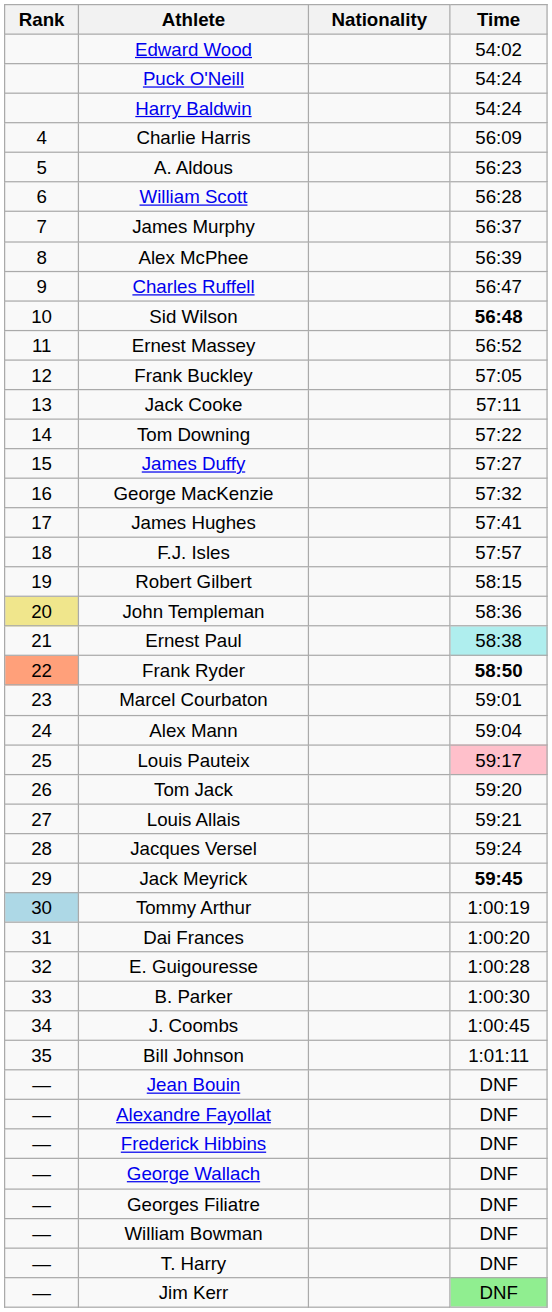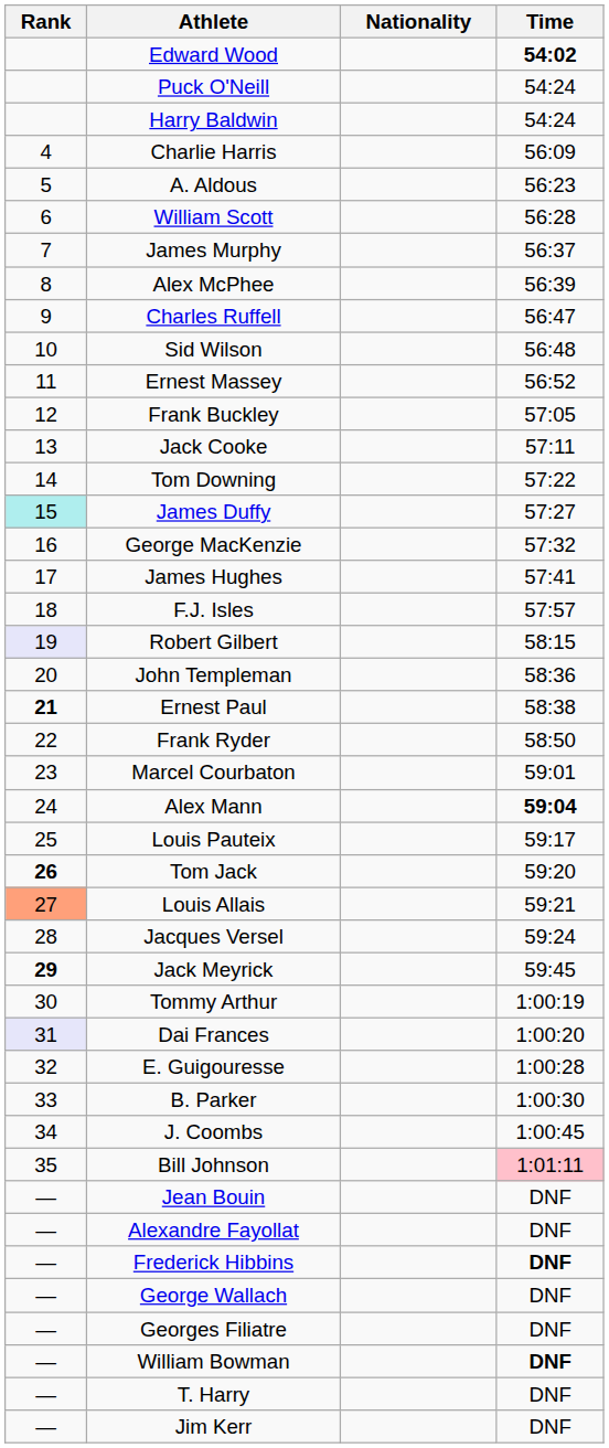 <table class="wikitable sortable" style=" text-align:center; font-size:95%;" width="50%">
 <tr>
 <th>Rank</th>
 <th>Athlete</th>
 <th>Nationality</th>
 <th>Time</th>
 </tr>
 <tr>
 <td align=center></td>
 <td><a href='#'>Edward Wood</a></td>
 <td></td>
-<td>54:02</td>
+<td><strong>54:02</strong></td>
 </tr>
 <tr>
 <td align=center></td>
 <td><a href='#'>Puck O'Neill</a></td>
 <td></td>
 <td>54:24</td>
 </tr>
 <tr>
 <td align=center></td>
 <td><a href='#'>Harry Baldwin</a></td>
 <td></td>
 <td>54:24</td>
 </tr>
 <tr>
 <td align=center>4</td>
 <td>Charlie Harris</td>
 <td></td>
 <td>56:09</td>
 </tr>
 <tr>
 <td align=center>5</td>
 <td>A. Aldous</td>
 <td></td>
 <td>56:23</td>
 </tr>
 <tr>
 <td align=center>6</td>
 <td><a href='#'>William Scott</a></td>
 <td></td>
 <td>56:28</td>
 </tr>
 <tr>
 <td align=center>7</td>
 <td>James Murphy</td>
 <td></td>
 <td>56:37</td>
 </tr>
 <tr>
 <td align=center>8</td>
 <td>Alex McPhee</td>
 <td></td>
 <td>56:39</td>
 </tr>
 <tr>
 <td align=center>9</td>
 <td><a href='#'>Charles Ruffell</a></td>
 <td></td>
 <td>56:47</td>
 </tr>
 <tr>
 <td align=center>10</td>
 <td>Sid Wilson</td>
 <td></td>
-<td><strong>56:48</strong></td>
+<td>56:48</td>
 </tr>
 <tr>
 <td align=center>11</td>
 <td>Ernest Massey</td>
 <td></td>
 <td>56:52</td>
 </tr>
 <tr>
 <td align=center>12</td>
 <td>Frank Buckley</td>
 <td></td>
 <td>57:05</td>
 </tr>
 <tr>
 <td align=center>13</td>
 <td>Jack Cooke</td>
 <td></td>
 <td>57:11</td>
 </tr>
 <tr>
 <td align=center>14</td>
 <td>Tom Downing</td>
 <td></td>
 <td>57:22</td>
 </tr>
 <tr>
-<td align=center>15</td>
+<td align=center style="background: paleturquoise;">15</td>
 <td><a href='#'>James Duffy</a></td>
 <td></td>
 <td>57:27</td>
 </tr>
 <tr>
 <td align=center>16</td>
 <td>George MacKenzie</td>
 <td></td>
 <td>57:32</td>
 </tr>
 <tr>
 <td align=center>17</td>
 <td>James Hughes</td>
 <td></td>
 <td>57:41</td>
 </tr>
 <tr>
 <td align=center>18</td>
 <td>F.J. Isles</td>
 <td></td>
 <td>57:57</td>
 </tr>
 <tr>
-<td align=center>19</td>
+<td align=center style="background: lavender;">19</td>
 <td>Robert Gilbert</td>
 <td></td>
 <td>58:15</td>
 </tr>
 <tr>
-<td align=center style="background: khaki;">20</td>
+<td align=center>20</td>
 <td>John Templeman</td>
 <td></td>
 <td>58:36</td>
 </tr>
 <tr>
-<td align=center>21</td>
+<td align=center><strong>21</strong></td>
 <td>Ernest Paul</td>
 <td></td>
-<td style="background: paleturquoise;">58:38</td>
+<td>58:38</td>
 </tr>
 <tr>
-<td align=center style="background: lightsalmon;">22</td>
+<td align=center>22</td>
 <td>Frank Ryder</td>
 <td></td>
-<td><strong>58:50</strong></td>
+<td>58:50</td>
 </tr>
 <tr>
 <td align=center>23</td>
 <td>Marcel Courbaton</td>
 <td></td>
 <td>59:01</td>
 </tr>
 <tr>
 <td align=center>24</td>
 <td>Alex Mann</td>
 <td></td>
-<td>59:04</td>
+<td><strong>59:04</strong></td>
 </tr>
 <tr>
 <td align=center>25</td>
 <td>Louis Pauteix</td>
 <td></td>
-<td style="background: pink;">59:17</td>
+<td>59:17</td>
 </tr>
 <tr>
-<td align=center>26</td>
+<td align=center><strong>26</strong></td>
 <td>Tom Jack</td>
 <td></td>
 <td>59:20</td>
 </tr>
 <tr>
-<td align=center>27</td>
+<td align=center style="background: lightsalmon;">27</td>
 <td>Louis Allais</td>
 <td></td>
 <td>59:21</td>
 </tr>
 <tr>
 <td align=center>28</td>
 <td>Jacques Versel</td>
 <td></td>
 <td>59:24</td>
 </tr>
 <tr>
-<td align=center>29</td>
+<td align=center><strong>29</strong></td>
 <td>Jack Meyrick</td>
 <td></td>
-<td><strong>59:45</strong></td>
+<td>59:45</td>
 </tr>
 <tr>
-<td align=center style="background: lightblue;">30</td>
+<td align=center>30</td>
 <td>Tommy Arthur</td>
 <td></td>
 <td>1:00:19</td>
 </tr>
 <tr>
-<td align=center>31</td>
+<td align=center style="background: lavender;">31</td>
 <td>Dai Frances</td>
 <td></td>
 <td>1:00:20</td>
 </tr>
 <tr>
 <td align=center>32</td>
 <td>E. Guigouresse</td>
 <td></td>
 <td>1:00:28</td>
 </tr>
 <tr>
 <td align=center>33</td>
 <td>B. Parker</td>
 <td></td>
 <td>1:00:30</td>
 </tr>
 <tr>
 <td align=center>34</td>
 <td>J. Coombs</td>
 <td></td>
 <td>1:00:45</td>
 </tr>
 <tr>
 <td align=center>35</td>
 <td>Bill Johnson</td>
 <td></td>
-<td>1:01:11</td>
+<td style="background: pink;">1:01:11</td>
 </tr>
 <tr>
 <td align=center>—</td>
 <td><a href='#'>Jean Bouin</a></td>
 <td></td>
 <td>DNF</td>
 </tr>
 <tr>
 <td align=center>—</td>
 <td><a href='#'>Alexandre Fayollat</a></td>
 <td></td>
 <td>DNF</td>
 </tr>
 <tr>
 <td align=center>—</td>
 <td><a href='#'>Frederick Hibbins</a></td>
 <td></td>
-<td>DNF</td>
+<td><strong>DNF</strong></td>
 </tr>
 <tr>
 <td align=center>—</td>
 <td><a href='#'>George Wallach</a></td>
 <td></td>
 <td>DNF</td>
 </tr>
 <tr>
 <td align=center>—</td>
 <td>Georges Filiatre</td>
 <td></td>
 <td>DNF</td>
 </tr>
 <tr>
 <td align=center>—</td>
 <td>William Bowman</td>
 <td></td>
-<td>DNF</td>
+<td><strong>DNF</strong></td>
 </tr>
 <tr>
 <td align=center>—</td>
 <td>T. Harry</td>
 <td></td>
 <td>DNF</td>
 </tr>
 <tr>
 <td align=center>—</td>
 <td>Jim Kerr</td>
 <td></td>
-<td style="background: lightgreen;">DNF</td>
+<td>DNF</td>
 </tr>
 </table>
